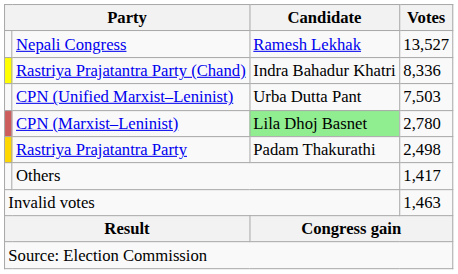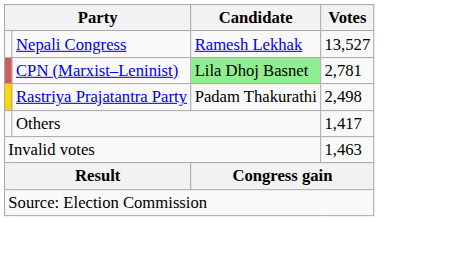 <table class="wikitable">
 <tr>
 <th colspan="2">Party</th>
 <th>Candidate</th>
 <th>Votes</th>
 </tr>
 <tr>
 <td style="background-color:"></td>
 <td><a href='#'>Nepali Congress</a></td>
 <td><a href='#'>Ramesh Lekhak</a></td>
 <td>13,527</td>
 </tr>
 <tr>
-<td style="background-color:yellow"></td>
-<td><a href='#'>Rastriya Prajatantra Party (Chand)</a></td>
-<td>Indra Bahadur Khatri</td>
-<td>8,336</td>
-</tr>
-<tr>
-<td style="background-color:"></td>
-<td><a href='#'>CPN (Unified Marxist–Leninist)</a></td>
-<td>Urba Dutta Pant</td>
-<td>7,503</td>
-</tr>
-<tr>
 <td style="background-color:indianred"></td>
 <td><a href='#'>CPN (Marxist–Leninist)</a></td>
 <td style="background: lightgreen;">Lila Dhoj Basnet</td>
-<td>2,780</td>
+<td>2,781</td>
 </tr>
 <tr>
 <td style="background-color:gold"></td>
 <td><a href='#'>Rastriya Prajatantra Party</a></td>
 <td>Padam Thakurathi</td>
 <td>2,498</td>
 </tr>
 <tr>
 <td></td>
 <td colspan="2">Others</td>
 <td>1,417</td>
 </tr>
 <tr>
 <td colspan="3">Invalid votes</td>
 <td>1,463</td>
 </tr>
 <tr>
 <th colspan="2">Result</th>
 <th colspan="2">Congress gain</th>
 </tr>
 <tr>
 <td colspan="4">Source: Election Commission</td>
 </tr>
 </table>
